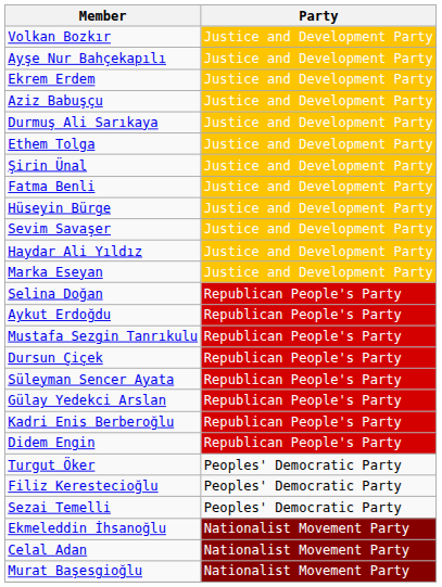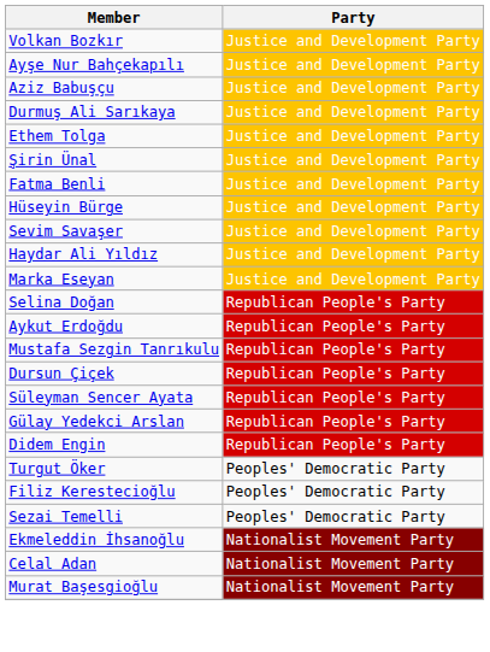 <table class="wikitable">
 <tr>
 <th>Member</th>
 <th>Party</th>
 </tr>
 <tr>
 <td><a href='#'>Volkan Bozkır</a></td>
 <td style="background:#FDC400; color:white">Justice and Development Party</td>
 </tr>
 <tr>
 <td><a href='#'>Ayşe Nur Bahçekapılı</a></td>
-<td style="background:#FDC400; color:white">Justice and Development Party</td>
-</tr>
-<tr>
-<td><a href='#'>Ekrem Erdem</a></td>
 <td style="background:#FDC400; color:white">Justice and Development Party</td>
 </tr>
 <tr>
 <td><a href='#'>Aziz Babuşçu</a></td>
 <td style="background:#FDC400; color:white">Justice and Development Party</td>
 </tr>
 <tr>
 <td><a href='#'>Durmuş Ali Sarıkaya</a></td>
 <td style="background:#FDC400; color:white">Justice and Development Party</td>
 </tr>
 <tr>
 <td><a href='#'>Ethem Tolga</a></td>
 <td style="background:#FDC400; color:white">Justice and Development Party</td>
 </tr>
 <tr>
 <td><a href='#'>Şirin Ünal</a></td>
 <td style="background:#FDC400; color:white">Justice and Development Party</td>
 </tr>
 <tr>
 <td><a href='#'>Fatma Benli</a></td>
 <td style="background:#FDC400; color:white">Justice and Development Party</td>
 </tr>
 <tr>
 <td><a href='#'>Hüseyin Bürge</a></td>
 <td style="background:#FDC400; color:white">Justice and Development Party</td>
 </tr>
 <tr>
 <td><a href='#'>Sevim Savaşer</a></td>
 <td style="background:#FDC400; color:white">Justice and Development Party</td>
 </tr>
 <tr>
 <td><a href='#'>Haydar Ali Yıldız</a></td>
 <td style="background:#FDC400; color:white">Justice and Development Party</td>
 </tr>
 <tr>
 <td><a href='#'>Marka Eseyan</a></td>
 <td style="background:#FDC400; color:white">Justice and Development Party</td>
 </tr>
 <tr>
 <td><a href='#'>Selina Doğan</a></td>
 <td style="background:#D40000; color:white">Republican People's Party</td>
 </tr>
 <tr>
 <td><a href='#'>Aykut Erdoğdu</a></td>
 <td style="background:#D40000; color:white">Republican People's Party</td>
 </tr>
 <tr>
 <td><a href='#'>Mustafa Sezgin Tanrıkulu</a></td>
 <td style="background:#D40000; color:white">Republican People's Party</td>
 </tr>
 <tr>
 <td><a href='#'>Dursun Çiçek</a></td>
 <td style="background:#D40000; color:white">Republican People's Party</td>
 </tr>
 <tr>
 <td><a href='#'>Süleyman Sencer Ayata</a></td>
 <td style="background:#D40000; color:white">Republican People's Party</td>
 </tr>
 <tr>
 <td><a href='#'>Gülay Yedekci Arslan</a></td>
 <td style="background:#D40000; color:white">Republican People's Party</td>
 </tr>
 <tr>
-<td><a href='#'>Kadri Enis Berberoğlu</a></td>
-<td style="background:#D40000; color:white">Republican People's Party</td>
-</tr>
-<tr>
 <td><a href='#'>Didem Engin</a></td>
 <td style="background:#D40000; color:white">Republican People's Party</td>
 </tr>
 <tr>
 <td><a href='#'>Turgut Öker</a></td>
 <td style="background:">Peoples' Democratic Party</td>
 </tr>
 <tr>
 <td><a href='#'>Filiz Kerestecioğlu</a></td>
 <td style="background:">Peoples' Democratic Party</td>
 </tr>
 <tr>
 <td><a href='#'>Sezai Temelli</a></td>
 <td style="background:">Peoples' Democratic Party</td>
 </tr>
 <tr>
 <td><a href='#'>Ekmeleddin İhsanoğlu</a></td>
 <td style="background:#870000; color:white">Nationalist Movement Party</td>
 </tr>
 <tr>
 <td><a href='#'>Celal Adan</a></td>
 <td style="background:#870000; color:white">Nationalist Movement Party</td>
 </tr>
 <tr>
 <td><a href='#'>Murat Başesgioğlu</a></td>
 <td style="background:#870000; color:white">Nationalist Movement Party</td>
 </tr>
 <tr>
 </tr>
 </table>
